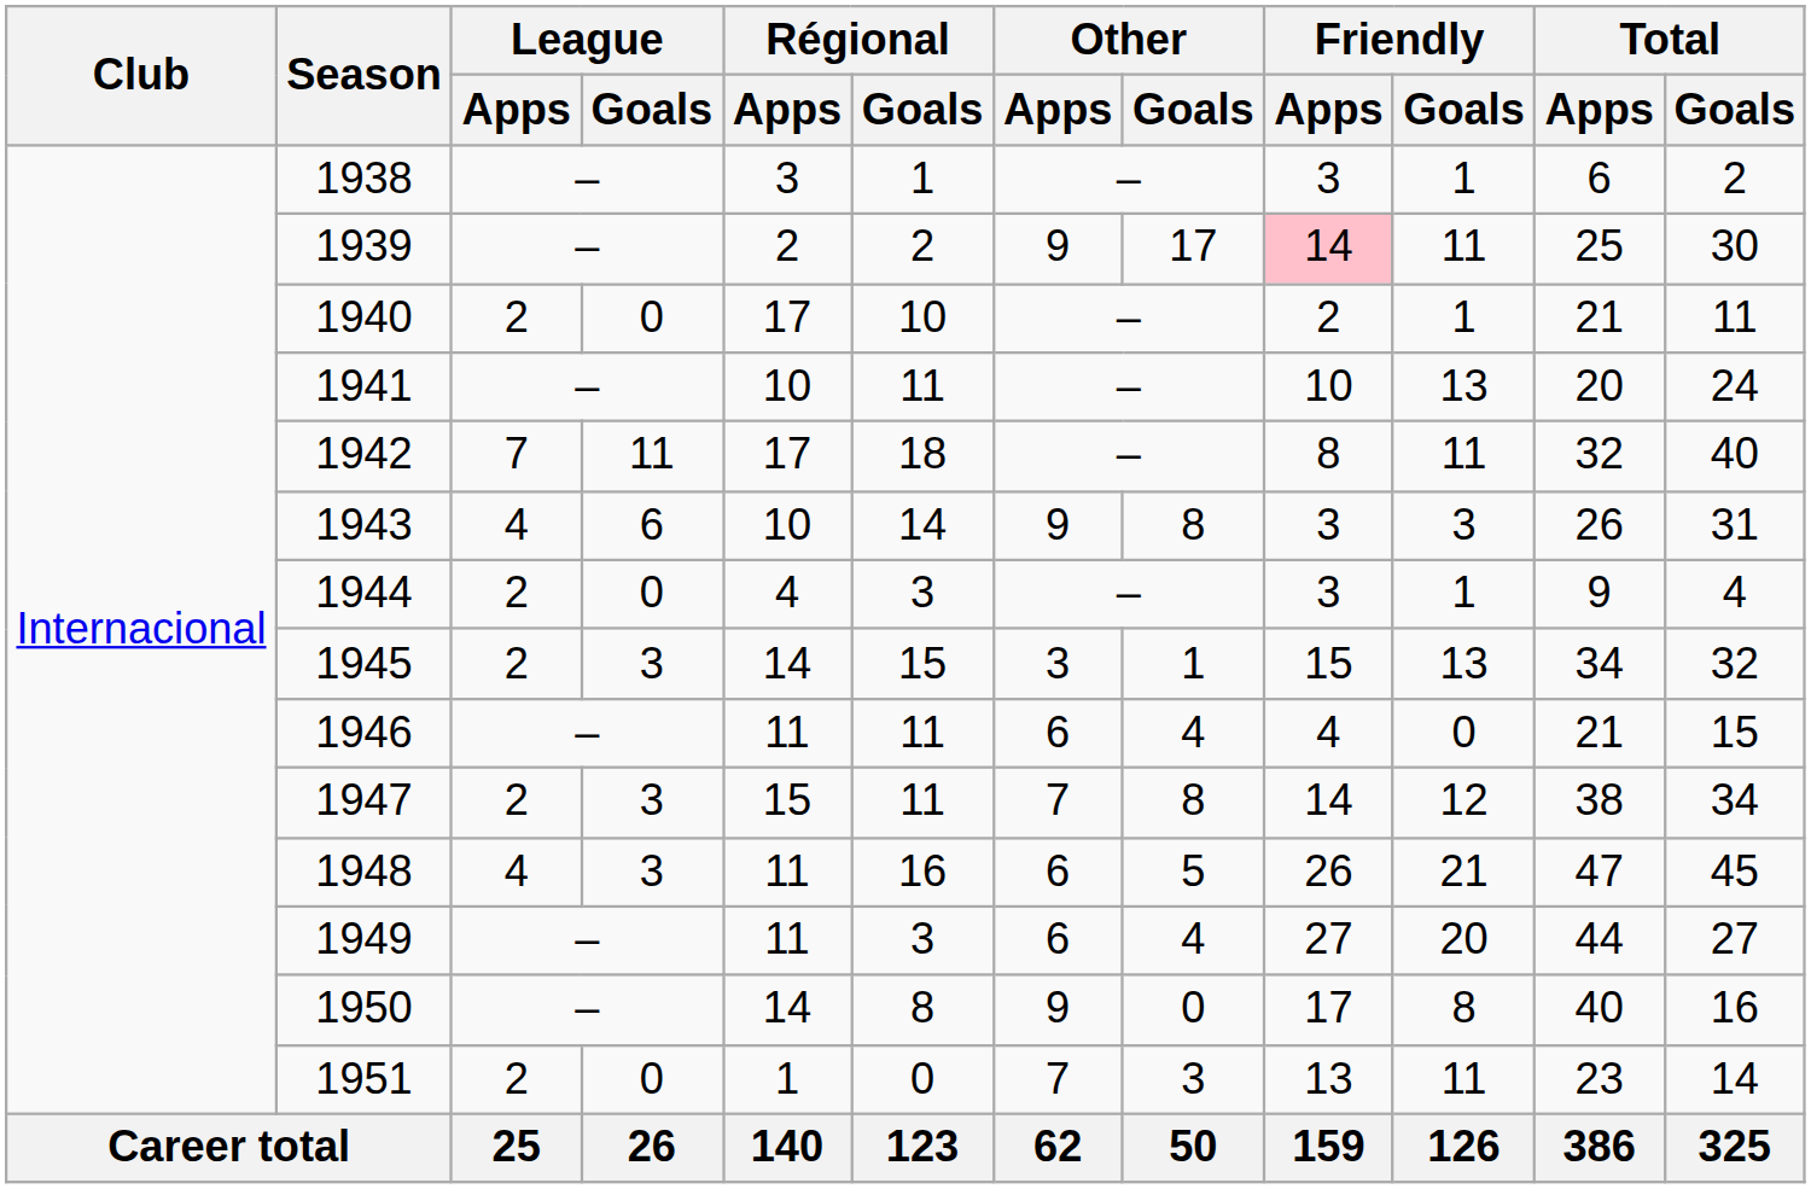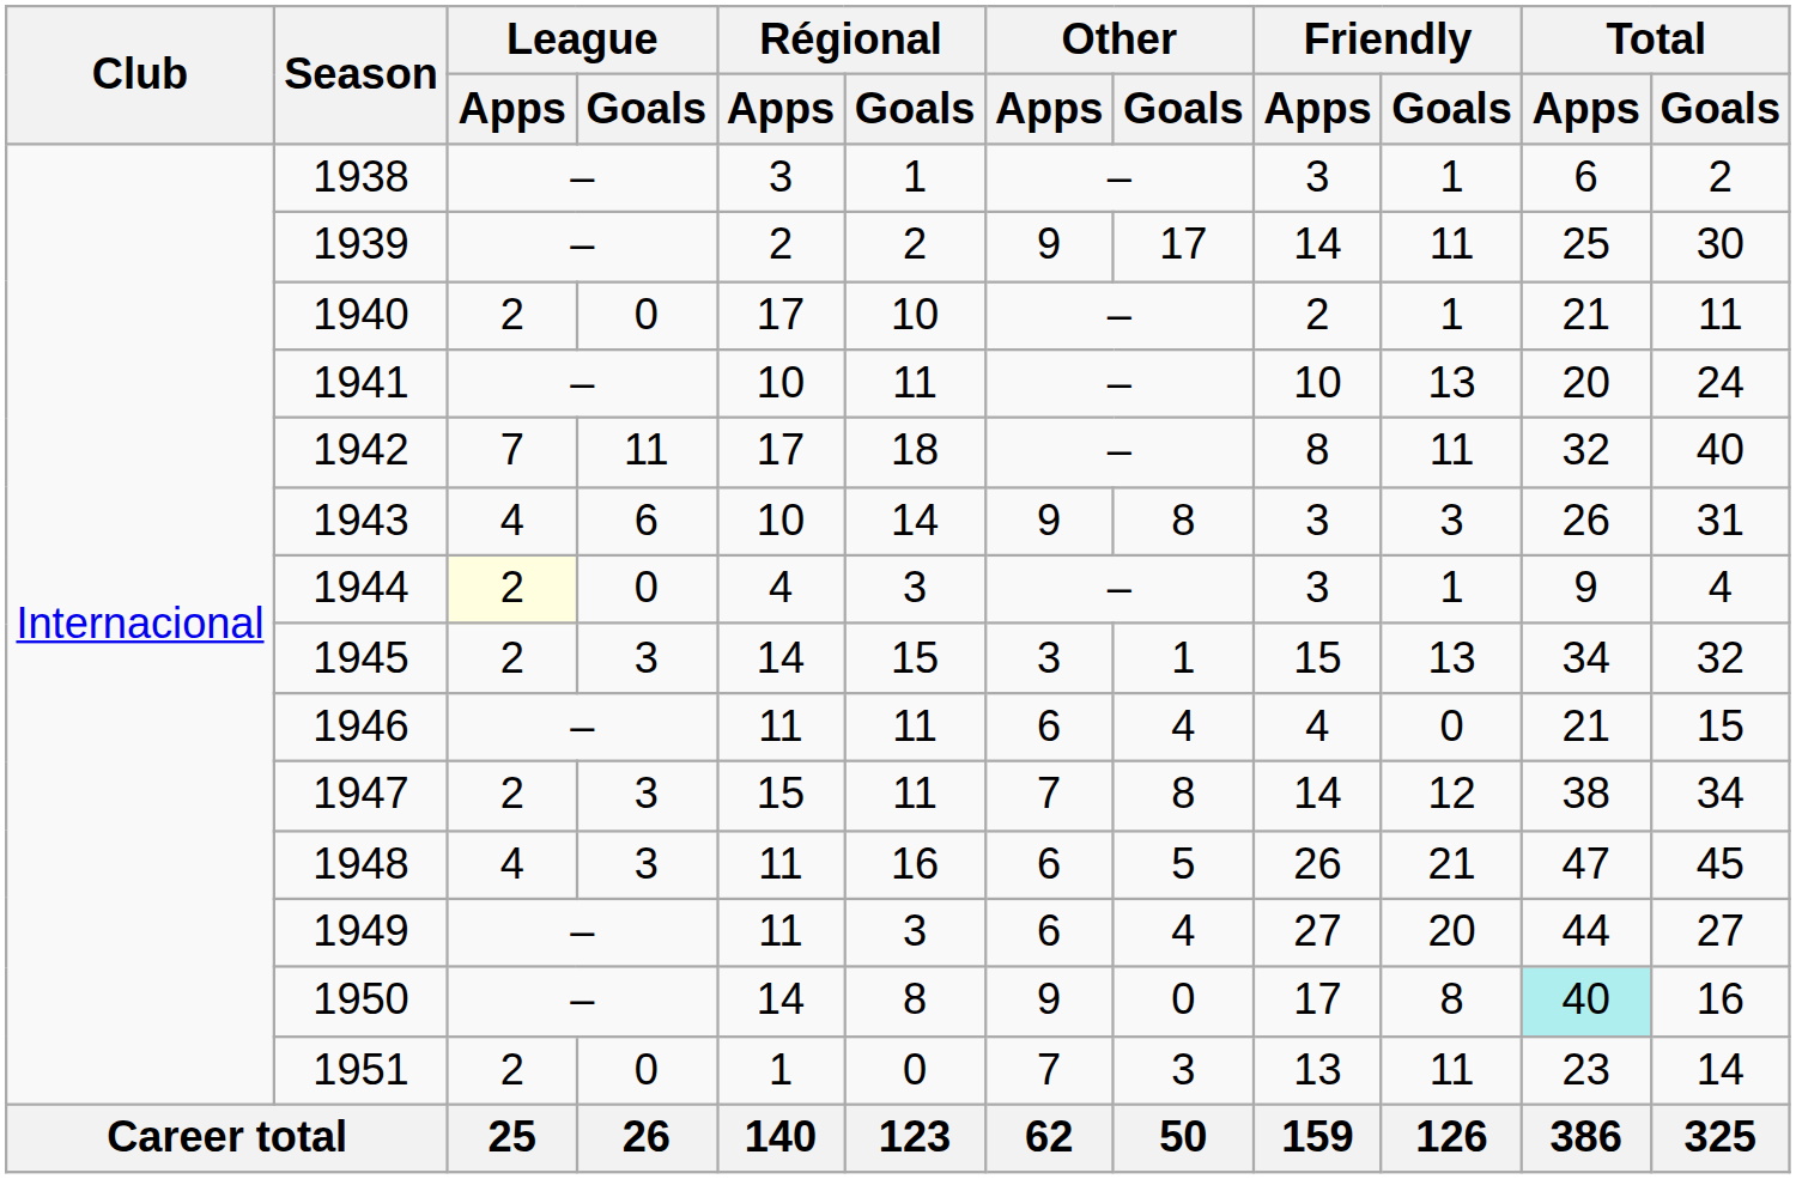 <table class="wikitable" style="text-align:center">
 <tr>
 <th rowspan="2">Club</th>
 <th rowspan="2">Season</th>
 <th colspan="2">League</th>
 <th colspan="2">Régional</th>
 <th colspan="2">Other</th>
 <th colspan="2">Friendly</th>
 <th colspan="2">Total</th>
 </tr>
 <tr>
 <th>Apps</th>
 <th>Goals</th>
 <th>Apps</th>
 <th>Goals</th>
 <th>Apps</th>
 <th>Goals</th>
 <th>Apps</th>
 <th>Goals</th>
 <th>Apps</th>
 <th>Goals</th>
 </tr>
 <tr>
 <td rowspan="14"><a href='#'>Internacional</a></td>
 <td>1938</td>
 <td colspan="2">–</td>
 <td>3</td>
 <td>1</td>
 <td colspan="2">–</td>
 <td>3</td>
 <td>1</td>
 <td>6</td>
 <td>2</td>
 </tr>
 <tr>
 <td>1939</td>
 <td colspan="2">–</td>
 <td>2</td>
 <td>2</td>
 <td>9</td>
 <td>17</td>
-<td style="background: pink;">14</td>
+<td>14</td>
 <td>11</td>
 <td>25</td>
 <td>30</td>
 </tr>
 <tr>
 <td>1940</td>
 <td>2</td>
 <td>0</td>
 <td>17</td>
 <td>10</td>
 <td colspan="2">–</td>
 <td>2</td>
 <td>1</td>
 <td>21</td>
 <td>11</td>
 </tr>
 <tr>
 <td>1941</td>
 <td colspan="2">–</td>
 <td>10</td>
 <td>11</td>
 <td colspan="2">–</td>
 <td>10</td>
 <td>13</td>
 <td>20</td>
 <td>24</td>
 </tr>
 <tr>
 <td>1942</td>
 <td>7</td>
 <td>11</td>
 <td>17</td>
 <td>18</td>
 <td colspan="2">–</td>
 <td>8</td>
 <td>11</td>
 <td>32</td>
 <td>40</td>
 </tr>
 <tr>
 <td>1943</td>
 <td>4</td>
 <td>6</td>
 <td>10</td>
 <td>14</td>
 <td>9</td>
 <td>8</td>
 <td>3</td>
 <td>3</td>
 <td>26</td>
 <td>31</td>
 </tr>
 <tr>
 <td>1944</td>
-<td>2</td>
+<td style="background: lightyellow;">2</td>
 <td>0</td>
 <td>4</td>
 <td>3</td>
 <td colspan="2">–</td>
 <td>3</td>
 <td>1</td>
 <td>9</td>
 <td>4</td>
 </tr>
 <tr>
 <td>1945</td>
 <td>2</td>
 <td>3</td>
 <td>14</td>
 <td>15</td>
 <td>3</td>
 <td>1</td>
 <td>15</td>
 <td>13</td>
 <td>34</td>
 <td>32</td>
 </tr>
 <tr>
 <td>1946</td>
 <td colspan="2">–</td>
 <td>11</td>
 <td>11</td>
 <td>6</td>
 <td>4</td>
 <td>4</td>
 <td>0</td>
 <td>21</td>
 <td>15</td>
 </tr>
 <tr>
 <td>1947</td>
 <td>2</td>
 <td>3</td>
 <td>15</td>
 <td>11</td>
 <td>7</td>
 <td>8</td>
 <td>14</td>
 <td>12</td>
 <td>38</td>
 <td>34</td>
 </tr>
 <tr>
 <td>1948</td>
 <td>4</td>
 <td>3</td>
 <td>11</td>
 <td>16</td>
 <td>6</td>
 <td>5</td>
 <td>26</td>
 <td>21</td>
 <td>47</td>
 <td>45</td>
 </tr>
 <tr>
 <td>1949</td>
 <td colspan="2">–</td>
 <td>11</td>
 <td>3</td>
 <td>6</td>
 <td>4</td>
 <td>27</td>
 <td>20</td>
 <td>44</td>
 <td>27</td>
 </tr>
 <tr>
 <td>1950</td>
 <td colspan="2">–</td>
 <td>14</td>
 <td>8</td>
 <td>9</td>
 <td>0</td>
 <td>17</td>
 <td>8</td>
-<td>40</td>
+<td style="background: paleturquoise;">40</td>
 <td>16</td>
 </tr>
 <tr>
 <td>1951</td>
 <td>2</td>
 <td>0</td>
 <td>1</td>
 <td>0</td>
 <td>7</td>
 <td>3</td>
 <td>13</td>
 <td>11</td>
 <td>23</td>
 <td>14</td>
 </tr>
 <tr>
 <th colspan="2">Career total</th>
 <th>25</th>
 <th>26</th>
 <th>140</th>
 <th>123</th>
 <th>62</th>
 <th>50</th>
 <th>159</th>
 <th>126</th>
 <th>386</th>
 <th>325</th>
 </tr>
 </table>
